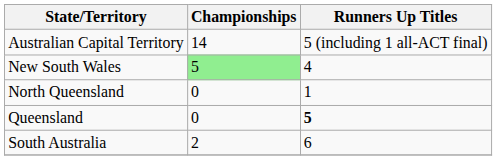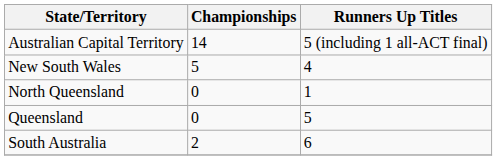 <table class="wikitable">
 <tr>
 <th>State/Territory</th>
 <th>Championships</th>
 <th>Runners Up Titles</th>
 </tr>
 <tr>
 <td> Australian Capital Territory</td>
 <td>14</td>
 <td>5 (including 1 all-ACT final)</td>
 </tr>
 <tr>
 <td> New South Wales</td>
-<td style="background: lightgreen;">5</td>
+<td>5</td>
 <td>4</td>
 </tr>
 <tr>
 <td> North Queensland</td>
 <td>0</td>
 <td>1</td>
 </tr>
 <tr>
 <td> Queensland</td>
 <td>0</td>
-<td><strong>5</strong></td>
+<td>5</td>
 </tr>
 <tr>
 <td> South Australia</td>
 <td>2</td>
 <td>6</td>
 </tr>
 <tr>
 </tr>
 </table>
